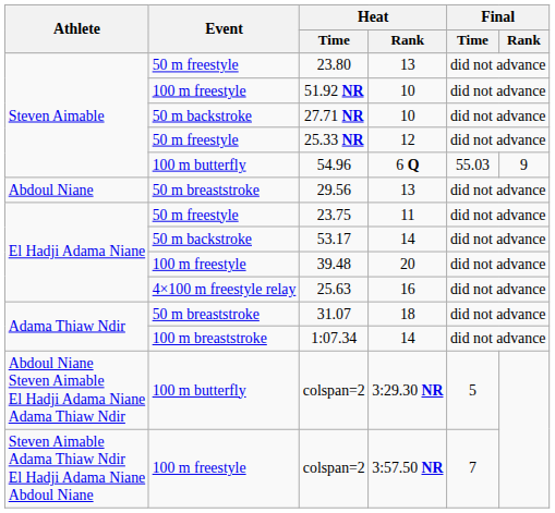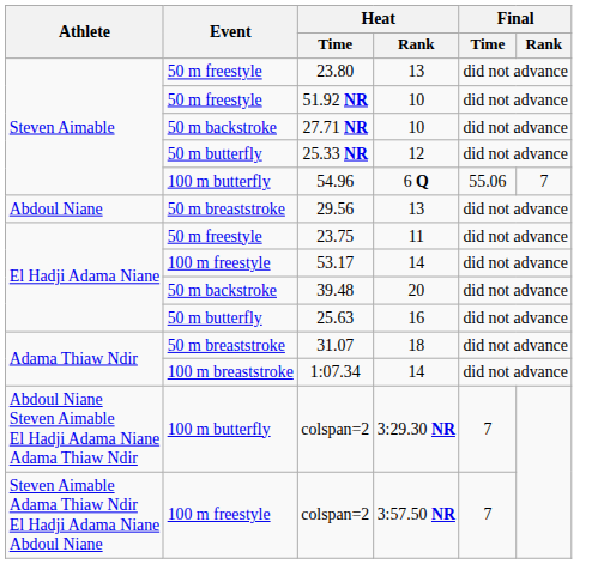 <table class="wikitable" style="text-align:center; font-size:90%">
 <tr>
 <th rowspan="2">Athlete</th>
 <th rowspan="2">Event</th>
 <th colspan="2">Heat</th>
 <th colspan="2">Final</th>
 </tr>
 <tr style="font-size:95%">
 <th>Time</th>
 <th>Rank</th>
 <th>Time</th>
 <th>Rank</th>
 </tr>
 <tr>
 <td align=left rowspan=5><a href='#'>Steven Aimable</a></td>
 <td align=left><a href='#'>50 m freestyle</a></td>
 <td>23.80</td>
 <td>13</td>
 <td colspan=2>did not advance</td>
 </tr>
 <tr>
-<td align=left><a href='#'>100 m freestyle</a></td>
+<td align=left><a href='#'>50 m freestyle</a></td>
 <td>51.92 <strong><a href='#'>NR</a></strong></td>
 <td>10</td>
 <td colspan=2>did not advance</td>
 </tr>
 <tr>
 <td align=left><a href='#'>50 m backstroke</a></td>
 <td>27.71 <strong><a href='#'>NR</a></strong></td>
 <td>10</td>
 <td colspan=2>did not advance</td>
 </tr>
 <tr>
-<td align=left><a href='#'>50 m freestyle</a></td>
+<td align=left><a href='#'>50 m butterfly</a></td>
 <td>25.33 <strong><a href='#'>NR</a></strong></td>
 <td>12</td>
 <td colspan=2>did not advance</td>
 </tr>
 <tr>
 <td align=left><a href='#'>100 m butterfly</a></td>
 <td>54.96</td>
 <td>6 <strong>Q</strong></td>
-<td>55.03</td>
-<td>9</td>
+<td>55.06</td>
+<td>7</td>
 </tr>
 <tr>
 <td align=left><a href='#'>Abdoul Niane</a></td>
 <td align=left><a href='#'>50 m breaststroke</a></td>
 <td>29.56</td>
 <td>13</td>
 <td colspan=2>did not advance</td>
 </tr>
 <tr>
 <td align=left rowspan=4><a href='#'>El Hadji Adama Niane</a></td>
 <td align=left><a href='#'>50 m freestyle</a></td>
 <td>23.75</td>
 <td>11</td>
 <td colspan=2>did not advance</td>
 </tr>
 <tr>
-<td align=left><a href='#'>50 m backstroke</a></td>
+<td align=left><a href='#'>100 m freestyle</a></td>
 <td>53.17</td>
 <td>14</td>
 <td colspan=2>did not advance</td>
 </tr>
 <tr>
-<td align=left><a href='#'>100 m freestyle</a></td>
+<td align=left><a href='#'>50 m backstroke</a></td>
 <td>39.48</td>
 <td>20</td>
 <td colspan=2>did not advance</td>
 </tr>
 <tr>
-<td align=left><a href='#'>4×100 m freestyle relay</a></td>
+<td align=left><a href='#'>50 m butterfly</a></td>
 <td>25.63</td>
 <td>16</td>
 <td colspan=2>did not advance</td>
 </tr>
 <tr>
 <td align=left rowspan=2><a href='#'>Adama Thiaw Ndir</a></td>
 <td align=left><a href='#'>50 m breaststroke</a></td>
 <td>31.07</td>
 <td>18</td>
 <td colspan=2>did not advance</td>
 </tr>
 <tr>
 <td align=left><a href='#'>100 m breaststroke</a></td>
 <td>1:07.34</td>
 <td>14</td>
 <td colspan=2>did not advance</td>
 </tr>
 <tr>
 <td align=left><a href='#'>Abdoul Niane</a><br><a href='#'>Steven Aimable</a><br><a href='#'>El Hadji Adama Niane</a><br><a href='#'>Adama Thiaw Ndir</a></td>
 <td align=left><a href='#'>100 m butterfly</a></td>
 <td>colspan=2 </td>
 <td>3:29.30 <strong><a href='#'>NR</a></strong></td>
-<td>5</td>
+<td>7</td>
 </tr>
 <tr>
 <td align=left><a href='#'>Steven Aimable</a><br><a href='#'>Adama Thiaw Ndir</a><br><a href='#'>El Hadji Adama Niane</a><br><a href='#'>Abdoul Niane</a></td>
 <td align=left><a href='#'>100 m freestyle</a></td>
 <td>colspan=2 </td>
 <td>3:57.50 <strong><a href='#'>NR</a></strong></td>
 <td>7</td>
 </tr>
 </table>
